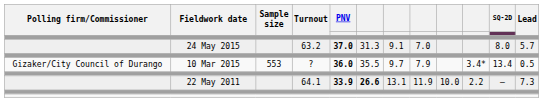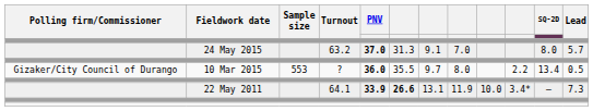 <table class="wikitable collapsible collapsed" style="text-align:center; font-size:95%; line-height:16px;">
 <tr style="height:42px;">
 <th style="width:250px;" rowspan="2">Polling firm/Commissioner</th>
 <th style="width:125px;" rowspan="2">Fieldwork date</th>
 <th style="width:50px;" rowspan="2">Sample size</th>
 <th style="width:45px;" rowspan="2">Turnout</th>
 <th style="width:35px;"><a href='#'>PNV</a></th>
 <th style="width:35px;"></th>
 <th style="width:35px;"></th>
 <th style="width:35px;"></th>
 <th style="width:35px;"></th>
 <th style="width:35px;"></th>
 <th style="width:35px; font-size:80%;">SQ-2D</th>
 <th style="width:30px;" rowspan="2">Lead</th>
 </tr>
 <tr>
 <th style="color:inherit;background:"></th>
 <th style="color:inherit;background:"></th>
 <th style="color:inherit;background:"></th>
 <th style="color:inherit;background:"></th>
 <th style="color:inherit;background:"></th>
 <th style="color:inherit;background:"></th>
 <th style="color:inherit;background:#623156;"></th>
 </tr>
 <tr>
 <td colspan="12" style="background:#A0A0A0"></td>
 </tr>
 <tr style="background:#EFEFEF;">
 <td><strong></strong></td>
 <td>24 May 2015</td>
 <td></td>
 <td>63.2</td>
 <td><strong>37.0</strong><br></td>
 <td>31.3<br></td>
 <td>9.1<br></td>
 <td>7.0<br></td>
 <td></td>
 <td></td>
 <td>8.0<br></td>
 <td style="background:">5.7</td>
 </tr>
 <tr>
 <td colspan="12" style="background:#A0A0A0"></td>
 </tr>
 <tr>
 <td>Gizaker/City Council of Durango</td>
 <td>10 Mar 2015</td>
 <td>553</td>
 <td>?</td>
 <td><strong>36.0</strong><br></td>
 <td>35.5<br></td>
 <td>9.7<br></td>
-<td>7.9<br></td>
+<td>8.0<br></td>
 <td></td>
-<td>3.4*<br></td>
+<td>2.2<br></td>
 <td>13.4<br></td>
 <td style="background:">0.5</td>
 </tr>
 <tr>
 <td colspan="12" style="background:#A0A0A0"></td>
 </tr>
 <tr style="background:#EFEFEF;">
 <td><strong></strong></td>
 <td>22 May 2011</td>
 <td></td>
 <td>64.1</td>
 <td><strong>33.9</strong><br></td>
 <td><strong>26.6<br></strong></td>
 <td>13.1<br></td>
 <td>11.9<br></td>
 <td>10.0<br></td>
-<td>2.2<br></td>
+<td>3.4*<br></td>
 <td>–</td>
 <td style="background:">7.3</td>
 </tr>
 <tr>
 <td colspan="12" style="background:#A0A0A0"></td>
 </tr>
 <tr>
 <td align="left" colspan="12"></td>
 </tr>
 </table>
